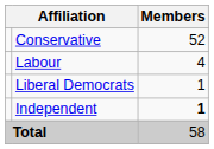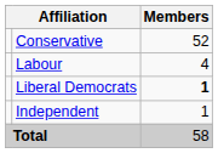 <table class="wikitable">
 <tr>
 <th colspan="2">Affiliation</th>
 <th>Members</th>
 </tr>
 <tr>
 <td></td>
 <td><a href='#'>Conservative</a></td>
 <td style="text-align:right;">52</td>
 </tr>
 <tr>
 <td></td>
 <td><a href='#'>Labour</a></td>
 <td style="text-align:right;">4</td>
 </tr>
 <tr>
 <td></td>
 <td><a href='#'>Liberal Democrats</a></td>
-<td style="text-align:right;">1</td>
+<td style="text-align:right;"><strong>1</strong></td>
 </tr>
 <tr>
 <td></td>
 <td><a href='#'>Independent</a></td>
-<td style="text-align:right;"><strong>1</strong></td>
+<td style="text-align:right;">1</td>
 </tr>
 <tr style="background:#ccc;">
 <td colspan="2"> <strong>Total</strong></td>
 <td style="text-align:right;">58</td>
 </tr>
 </table>
